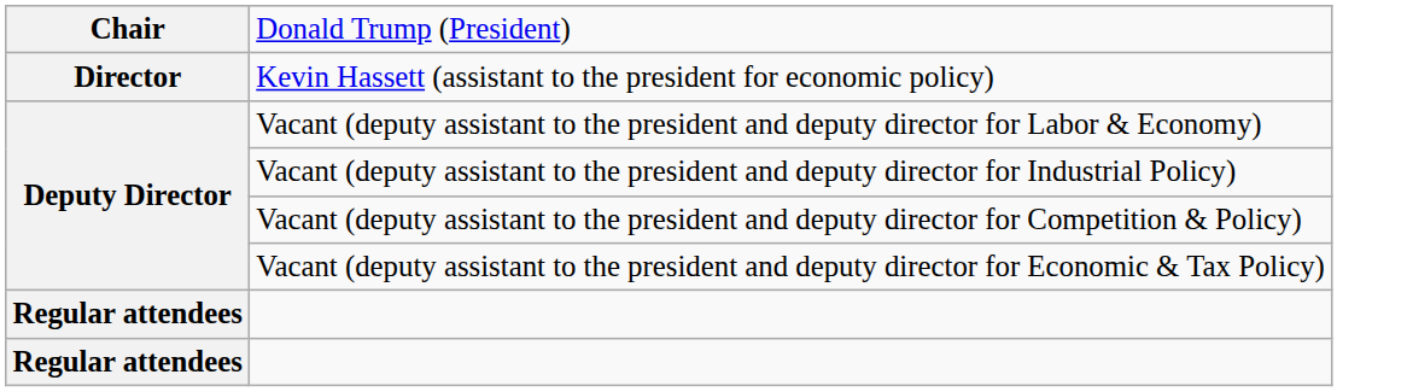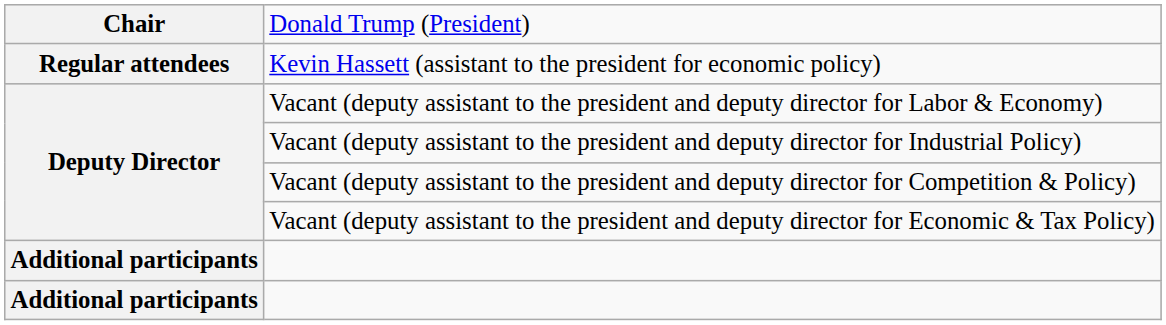 <table class="wikitable">
 <tr>
 <th>Chair</th>
 <td><a href='#'>Donald Trump</a> (<a href='#'>President</a>)</td>
 </tr>
 <tr>
-<th>Director</th>
+<th>Regular attendees</th>
 <td><a href='#'>Kevin Hassett</a> (assistant to the president for economic policy)</td>
 </tr>
 <tr>
 <th rowspan="4">Deputy Director</th>
 <td>Vacant (deputy assistant to the president and deputy director for Labor & Economy)</td>
 </tr>
 <tr>
 <td>Vacant (deputy assistant to the president and deputy director for Industrial Policy)</td>
 </tr>
 <tr>
 <td>Vacant (deputy assistant to the president and deputy director for Competition & Policy)</td>
 </tr>
 <tr>
 <td>Vacant (deputy assistant to the president and deputy director for Economic & Tax Policy)</td>
 </tr>
 <tr>
-<th>Regular attendees</th>
+<th>Additional participants</th>
 <td></td>
 </tr>
 <tr>
-<th>Regular attendees</th>
+<th>Additional participants</th>
 <td></td>
 </tr>
 </table>
